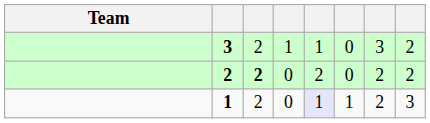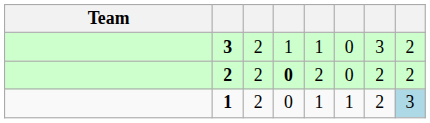 <table class="wikitable" style="text-align: center;">
 <tr>
 <th width=180>Team</th>
 <th width=20></th>
 <th width=20></th>
 <th width=20></th>
 <th width=20></th>
 <th width=20></th>
 <th width=20></th>
 <th width=20></th>
 </tr>
 <tr bgcolor=ccffcc>
 <td align=left></td>
 <td><strong>3</strong></td>
 <td>2</td>
 <td>1</td>
 <td>1</td>
 <td>0</td>
 <td>3</td>
 <td>2</td>
 </tr>
 <tr bgcolor=ccffcc>
 <td align=left></td>
 <td><strong>2</strong></td>
-<td><strong>2</strong></td>
-<td>0</td>
+<td>2</td>
+<td><strong>0</strong></td>
 <td>2</td>
 <td>0</td>
 <td>2</td>
 <td>2</td>
 </tr>
 <tr>
 <td align=left></td>
 <td><strong>1</strong></td>
 <td>2</td>
 <td>0</td>
-<td style="background: lavender;">1</td>
+<td>1</td>
 <td>1</td>
 <td>2</td>
-<td>3</td>
+<td style="background: lightblue;">3</td>
 </tr>
 </table>
